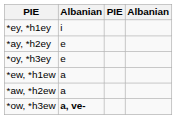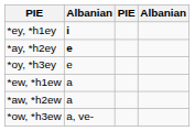 <table class="wikitable">
 <tr>
 <th>PIE</th>
 <th>Albanian</th>
 <th>PIE</th>
 <th>Albanian</th>
 </tr>
 <tr>
 <td>*ey, *h1ey</td>
-<td>i</td>
+<td><strong>i</strong></td>
 <td></td>
 <td></td>
 </tr>
 <tr>
 <td>*ay, *h2ey</td>
-<td>e</td>
+<td><strong>e</strong></td>
 <td></td>
 <td></td>
 </tr>
 <tr>
 <td>*oy, *h3ey</td>
 <td>e</td>
 <td></td>
 <td></td>
 </tr>
 <tr>
 <td>*ew, *h1ew</td>
 <td>a</td>
 <td></td>
 <td></td>
 </tr>
 <tr>
 <td>*aw, *h2ew</td>
 <td>a</td>
 <td></td>
 <td></td>
 </tr>
 <tr>
 <td>*ow, *h3ew</td>
-<td><strong>a, ve-</strong></td>
+<td>a, ve-</td>
 <td></td>
 <td></td>
 </tr>
 </table>
